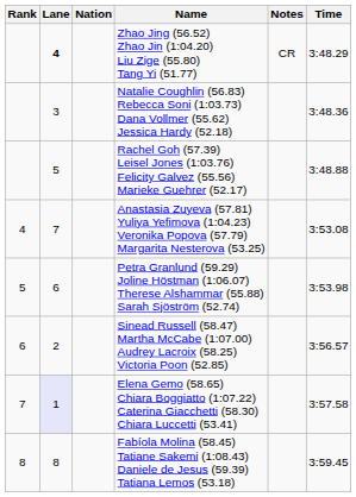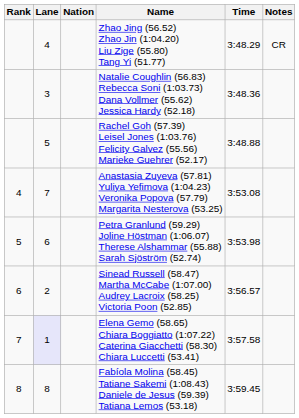 <table class="wikitable sortable" style="text-align:center">
 <tr>
 <th>Rank</th>
 <th>Lane</th>
 <th>Nation</th>
 <th>Name</th>
+<th>Time</th>
 <th>Notes</th>
-<th>Time</th>
 </tr>
 <tr>
 <td></td>
-<td><strong>4</strong></td>
+<td>4</td>
 <td align=left></td>
 <td align=left><a href='#'>Zhao Jing</a> (56.52)<br><a href='#'>Zhao Jin</a> (1:04.20)<br><a href='#'>Liu Zige</a> (55.80)<br><a href='#'>Tang Yi</a> (51.77)</td>
+<td>3:48.29</td>
 <td>CR</td>
-<td>3:48.29</td>
 </tr>
 <tr>
 <td></td>
 <td>3</td>
 <td align=left></td>
 <td align=left><a href='#'>Natalie Coughlin</a> (56.83)<br><a href='#'>Rebecca Soni</a> (1:03.73)<br><a href='#'>Dana Vollmer</a> (55.62)<br><a href='#'>Jessica Hardy</a> (52.18)</td>
+<td>3:48.36</td>
 <td></td>
-<td>3:48.36</td>
 </tr>
 <tr>
 <td></td>
 <td>5</td>
 <td align=left></td>
 <td align=left><a href='#'>Rachel Goh</a> (57.39)<br><a href='#'>Leisel Jones</a> (1:03.76)<br><a href='#'>Felicity Galvez</a> (55.56)<br><a href='#'>Marieke Guehrer</a> (52.17)</td>
+<td>3:48.88</td>
 <td></td>
-<td>3:48.88</td>
 </tr>
 <tr>
 <td>4</td>
 <td>7</td>
 <td align=left></td>
 <td align=left><a href='#'>Anastasia Zuyeva</a> (57.81)<br><a href='#'>Yuliya Yefimova</a> (1:04.23)<br><a href='#'>Veronika Popova</a> (57.79)<br><a href='#'>Margarita Nesterova</a> (53.25)</td>
+<td>3:53.08</td>
 <td></td>
-<td>3:53.08</td>
 </tr>
 <tr>
 <td>5</td>
 <td>6</td>
 <td align=left></td>
 <td align=left><a href='#'>Petra Granlund</a> (59.29)<br><a href='#'>Joline Höstman</a> (1:06.07)<br><a href='#'>Therese Alshammar</a> (55.88)<br><a href='#'>Sarah Sjöström</a> (52.74)</td>
+<td>3:53.98</td>
 <td></td>
-<td>3:53.98</td>
 </tr>
 <tr>
 <td>6</td>
 <td>2</td>
 <td align=left></td>
 <td align=left><a href='#'>Sinead Russell</a> (58.47)<br><a href='#'>Martha McCabe</a> (1:07.00)<br><a href='#'>Audrey Lacroix</a> (58.25)<br><a href='#'>Victoria Poon</a> (52.85)</td>
+<td>3:56.57</td>
 <td></td>
-<td>3:56.57</td>
 </tr>
 <tr>
 <td>7</td>
 <td style="background: lavender;">1</td>
 <td align=left></td>
 <td align=left><a href='#'>Elena Gemo</a> (58.65)<br><a href='#'>Chiara Boggiatto</a> (1:07.22)<br><a href='#'>Caterina Giacchetti</a> (58.30)<br><a href='#'>Chiara Luccetti</a> (53.41)</td>
+<td>3:57.58</td>
 <td></td>
-<td>3:57.58</td>
 </tr>
 <tr>
 <td>8</td>
 <td>8</td>
 <td align=left></td>
 <td align=left><a href='#'>Fabíola Molina</a> (58.45)<br><a href='#'>Tatiane Sakemi</a> (1:08.43)<br><a href='#'>Daniele de Jesus</a> (59.39)<br><a href='#'>Tatiana Lemos</a> (53.18)</td>
+<td>3:59.45</td>
 <td></td>
-<td>3:59.45</td>
 </tr>
 </table>
